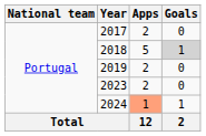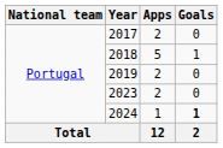 <table class="wikitable" style="text-align:center">
 <tr>
 <th>National team</th>
 <th>Year</th>
 <th>Apps</th>
 <th>Goals</th>
 </tr>
 <tr>
 <td rowspan="5"><a href='#'>Portugal</a></td>
 <td>2017</td>
 <td>2</td>
 <td>0</td>
 </tr>
 <tr>
 <td>2018</td>
 <td>5</td>
-<td style="background: lightgrey;">1</td>
+<td>1</td>
 </tr>
 <tr>
 <td>2019</td>
 <td>2</td>
 <td>0</td>
 </tr>
 <tr>
 <td>2023</td>
 <td>2</td>
 <td>0</td>
 </tr>
 <tr>
 <td>2024</td>
-<td style="background: lightsalmon;">1</td>
 <td>1</td>
+<td><strong>1</strong></td>
 </tr>
 <tr>
 <th colspan="2">Total</th>
 <th>12</th>
 <th>2</th>
 </tr>
 </table>
